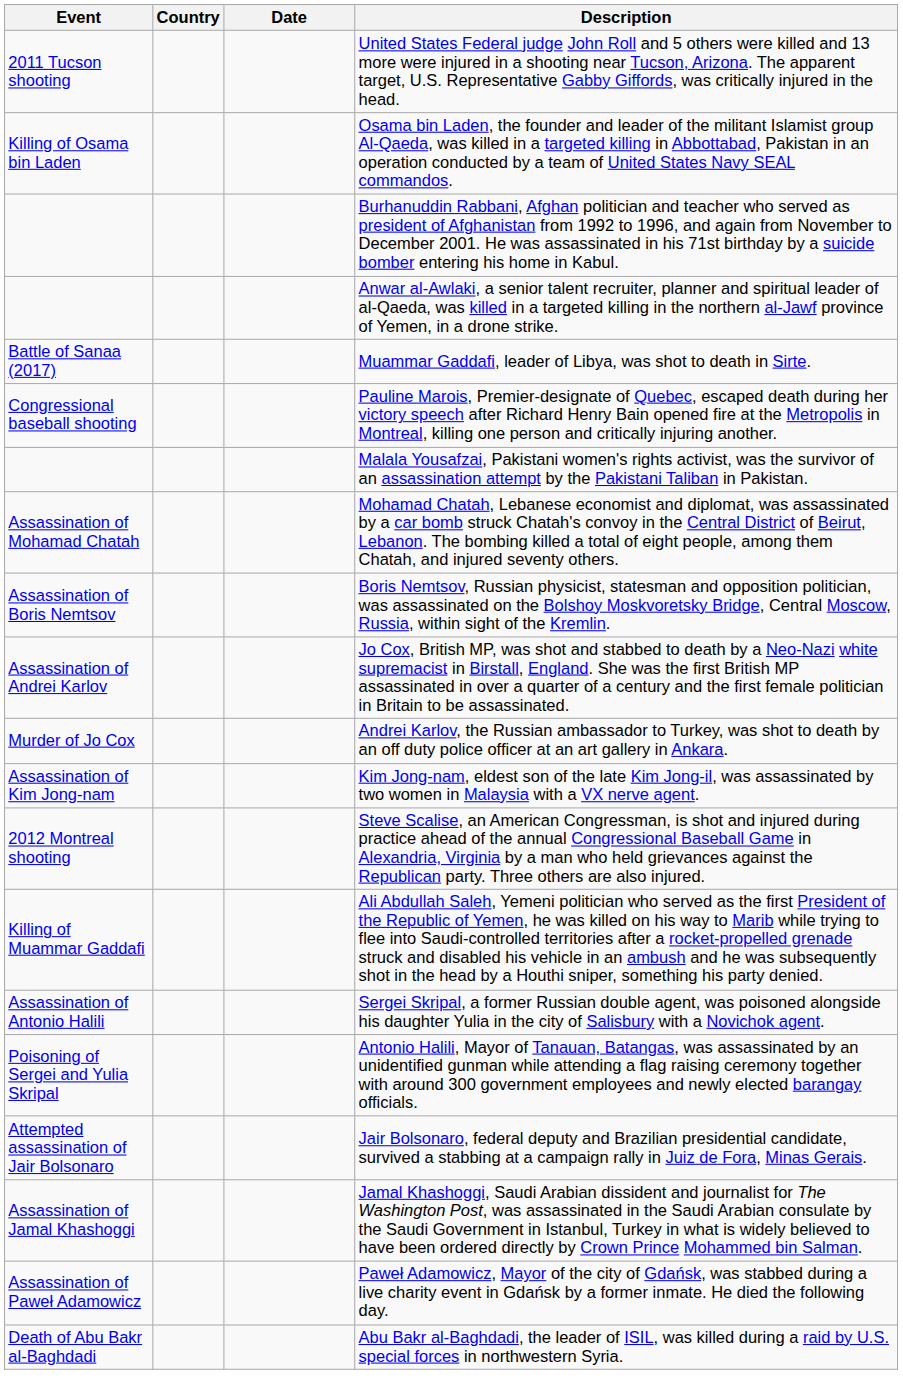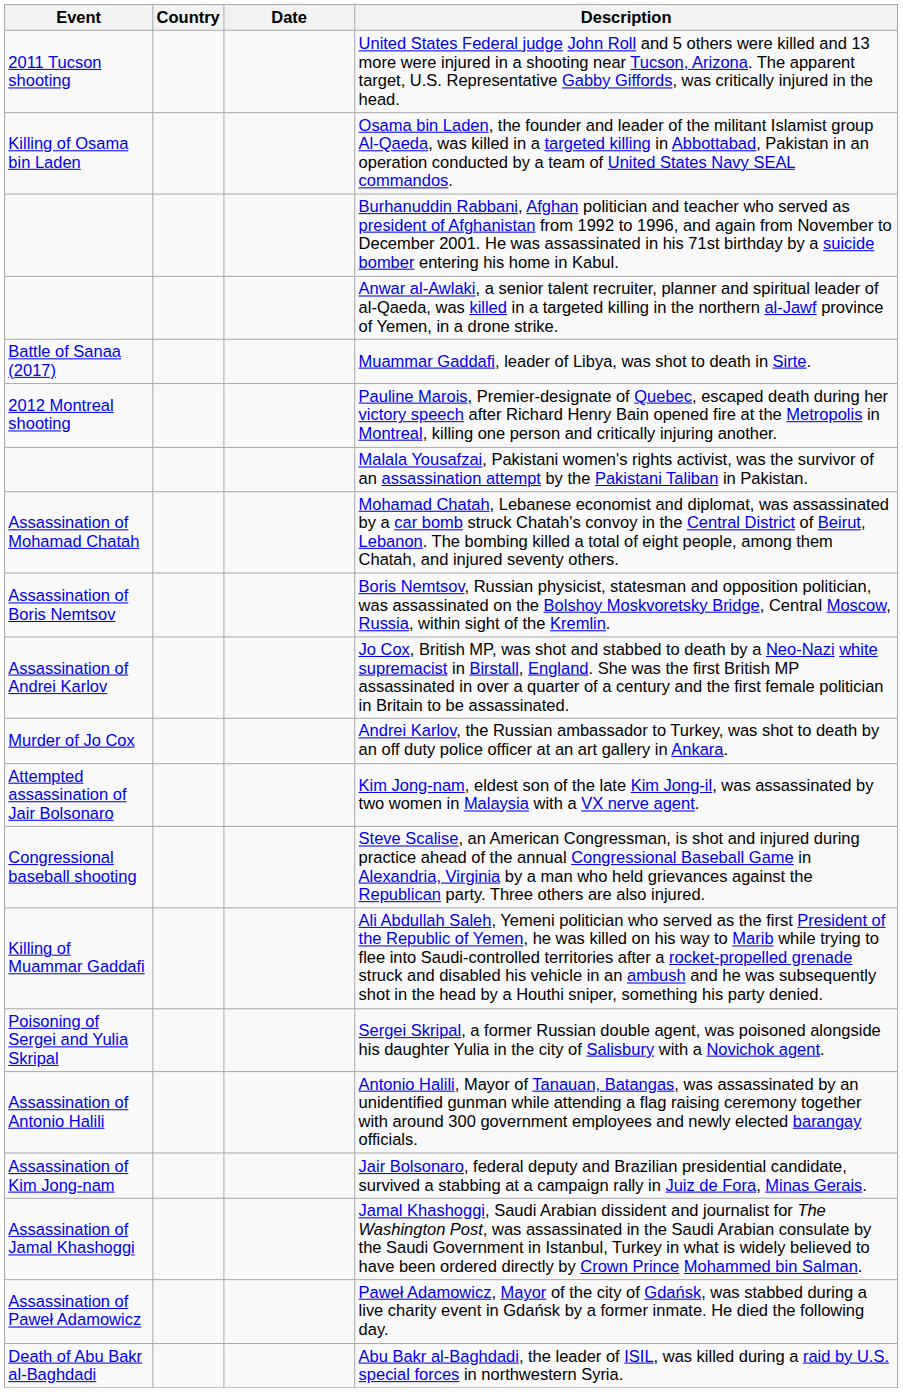 <table class="wikitable sortable mw-collapsible">
 <tr>
 <th>Event</th>
 <th>Country</th>
 <th style="width:120px;">Date</th>
 <th>Description</th>
 </tr>
 <tr>
 <td><a href='#'>2011 Tucson shooting</a></td>
 <td></td>
 <td></td>
 <td><a href='#'>United States Federal judge</a> <a href='#'>John Roll</a> and 5 others were killed and 13 more were injured in a shooting near <a href='#'>Tucson, Arizona</a>. The apparent target, U.S. Representative <a href='#'>Gabby Giffords</a>, was critically injured in the head.</td>
 </tr>
 <tr>
 <td><a href='#'>Killing of Osama bin Laden</a></td>
 <td></td>
 <td></td>
 <td><a href='#'>Osama bin Laden</a>, the founder and leader of the militant Islamist group <a href='#'>Al-Qaeda</a>, was killed in a <a href='#'>targeted killing</a> in <a href='#'>Abbottabad</a>, Pakistan in an operation conducted by a team of <a href='#'>United States Navy SEAL</a> <a href='#'>commandos</a>.</td>
 </tr>
 <tr>
 <td></td>
 <td></td>
 <td></td>
 <td><a href='#'>Burhanuddin Rabbani</a>, <a href='#'>Afghan</a> politician and teacher who served as <a href='#'>president of Afghanistan</a> from 1992 to 1996, and again from November to December 2001. He was assassinated in his 71st birthday by a <a href='#'>suicide bomber</a> entering his home in Kabul.</td>
 </tr>
 <tr>
 <td></td>
 <td></td>
 <td></td>
 <td><a href='#'>Anwar al-Awlaki</a>, a senior talent recruiter, planner and spiritual leader of al-Qaeda, was <a href='#'>killed</a> in a targeted killing in the northern <a href='#'>al-Jawf</a> province of Yemen, in a drone strike.</td>
 </tr>
 <tr>
 <td><a href='#'>Battle of Sanaa (2017)</a></td>
 <td></td>
 <td></td>
 <td><a href='#'>Muammar Gaddafi</a>, leader of Libya, was shot to death in <a href='#'>Sirte</a>.</td>
 </tr>
 <tr>
-<td><a href='#'>Congressional baseball shooting</a></td>
+<td><a href='#'>2012 Montreal shooting</a></td>
 <td></td>
 <td></td>
 <td><a href='#'>Pauline Marois</a>, Premier-designate of <a href='#'>Quebec</a>, escaped death during her <a href='#'>victory speech</a> after Richard Henry Bain opened fire at the <a href='#'>Metropolis</a> in <a href='#'>Montreal</a>, killing one person and critically injuring another.</td>
 </tr>
 <tr>
 <td></td>
 <td></td>
 <td></td>
 <td><a href='#'>Malala Yousafzai</a>, Pakistani women's rights activist, was the survivor of an <a href='#'>assassination attempt</a> by the <a href='#'>Pakistani Taliban</a> in Pakistan.</td>
 </tr>
 <tr>
 <td><a href='#'>Assassination of Mohamad Chatah</a></td>
 <td></td>
 <td></td>
 <td><a href='#'>Mohamad Chatah</a>, Lebanese economist and diplomat, was assassinated by a <a href='#'>car bomb</a> struck Chatah's convoy in the <a href='#'>Central District</a> of <a href='#'>Beirut</a>, <a href='#'>Lebanon</a>. The bombing killed a total of eight people, among them Chatah, and injured seventy others.</td>
 </tr>
 <tr>
 <td><a href='#'>Assassination of Boris Nemtsov</a></td>
 <td></td>
 <td></td>
 <td><a href='#'>Boris Nemtsov</a>, Russian physicist, statesman and opposition politician, was assassinated on the <a href='#'>Bolshoy Moskvoretsky Bridge</a>, Central <a href='#'>Moscow</a>, <a href='#'>Russia</a>, within sight of the <a href='#'>Kremlin</a>.</td>
 </tr>
 <tr>
 <td><a href='#'>Assassination of Andrei Karlov</a></td>
 <td></td>
 <td></td>
 <td><a href='#'>Jo Cox</a>, British MP, was shot and stabbed to death by a <a href='#'>Neo-Nazi</a> <a href='#'>white supremacist</a> in <a href='#'>Birstall</a>, <a href='#'>England</a>. She was the first British MP assassinated in over a quarter of a century and the first female politician in Britain to be assassinated.</td>
 </tr>
 <tr>
 <td><a href='#'>Murder of Jo Cox</a></td>
 <td></td>
 <td></td>
 <td><a href='#'>Andrei Karlov</a>, the Russian ambassador to Turkey, was shot to death by an off duty police officer at an art gallery in <a href='#'>Ankara</a>.</td>
 </tr>
 <tr>
-<td><a href='#'>Assassination of Kim Jong-nam</a></td>
+<td><a href='#'>Attempted assassination of Jair Bolsonaro</a></td>
 <td></td>
 <td></td>
 <td><a href='#'>Kim Jong-nam</a>, eldest son of the late <a href='#'>Kim Jong-il</a>, was assassinated by two women in <a href='#'>Malaysia</a> with a <a href='#'>VX nerve agent</a>.</td>
 </tr>
 <tr>
-<td><a href='#'>2012 Montreal shooting</a></td>
+<td><a href='#'>Congressional baseball shooting</a></td>
 <td></td>
 <td></td>
 <td><a href='#'>Steve Scalise</a>, an American Congressman, is shot and injured during practice ahead of the annual <a href='#'>Congressional Baseball Game</a> in <a href='#'>Alexandria, Virginia</a> by a man who held grievances against the <a href='#'>Republican</a> party. Three others are also injured.</td>
 </tr>
 <tr>
 <td><a href='#'>Killing of Muammar Gaddafi</a></td>
 <td></td>
 <td></td>
 <td><a href='#'>Ali Abdullah Saleh</a>, Yemeni politician who served as the first <a href='#'>President of the Republic of Yemen</a>, he was killed on his way to <a href='#'>Marib</a> while trying to flee into Saudi-controlled territories after a <a href='#'>rocket-propelled grenade</a> struck and disabled his vehicle in an <a href='#'>ambush</a> and he was subsequently shot in the head by a Houthi sniper, something his party denied.</td>
 </tr>
 <tr>
-<td><a href='#'>Assassination of Antonio Halili</a></td>
+<td><a href='#'>Poisoning of Sergei and Yulia Skripal</a></td>
 <td></td>
 <td></td>
 <td><a href='#'>Sergei Skripal</a>, a former Russian double agent, was poisoned alongside his daughter Yulia in the city of <a href='#'>Salisbury</a> with a <a href='#'>Novichok agent</a>.</td>
 </tr>
 <tr>
-<td><a href='#'>Poisoning of Sergei and Yulia Skripal</a></td>
+<td><a href='#'>Assassination of Antonio Halili</a></td>
 <td></td>
 <td></td>
 <td><a href='#'>Antonio Halili</a>, Mayor of <a href='#'>Tanauan, Batangas</a>, was assassinated by an unidentified gunman while attending a flag raising ceremony together with around 300 government employees and newly elected <a href='#'>barangay</a> officials.</td>
 </tr>
 <tr>
-<td><a href='#'>Attempted assassination of Jair Bolsonaro</a></td>
+<td><a href='#'>Assassination of Kim Jong-nam</a></td>
 <td></td>
 <td></td>
 <td><a href='#'>Jair Bolsonaro</a>, federal deputy and Brazilian presidential candidate, survived a stabbing at a campaign rally in <a href='#'>Juiz de Fora</a>, <a href='#'>Minas Gerais</a>.</td>
 </tr>
 <tr>
 <td><a href='#'>Assassination of Jamal Khashoggi</a></td>
 <td></td>
 <td></td>
 <td><a href='#'>Jamal Khashoggi</a>, Saudi Arabian dissident and journalist for <em>The Washington Post</em>, was assassinated in the Saudi Arabian consulate by the Saudi Government in Istanbul, Turkey in what is widely believed to have been ordered directly by <a href='#'>Crown Prince</a> <a href='#'>Mohammed bin Salman</a>.</td>
 </tr>
 <tr>
 <td><a href='#'>Assassination of Paweł Adamowicz</a></td>
 <td></td>
 <td></td>
 <td><a href='#'>Paweł Adamowicz</a>, <a href='#'>Mayor</a> of the city of <a href='#'>Gdańsk</a>, was stabbed during a live charity event in Gdańsk by a former inmate. He died the following day.</td>
 </tr>
 <tr>
 <td><a href='#'>Death of Abu Bakr al-Baghdadi</a></td>
 <td></td>
 <td></td>
 <td><a href='#'>Abu Bakr al-Baghdadi</a>, the leader of <a href='#'>ISIL</a>, was killed during a <a href='#'>raid by U.S. special forces</a> in northwestern Syria.</td>
 </tr>
 </table>
